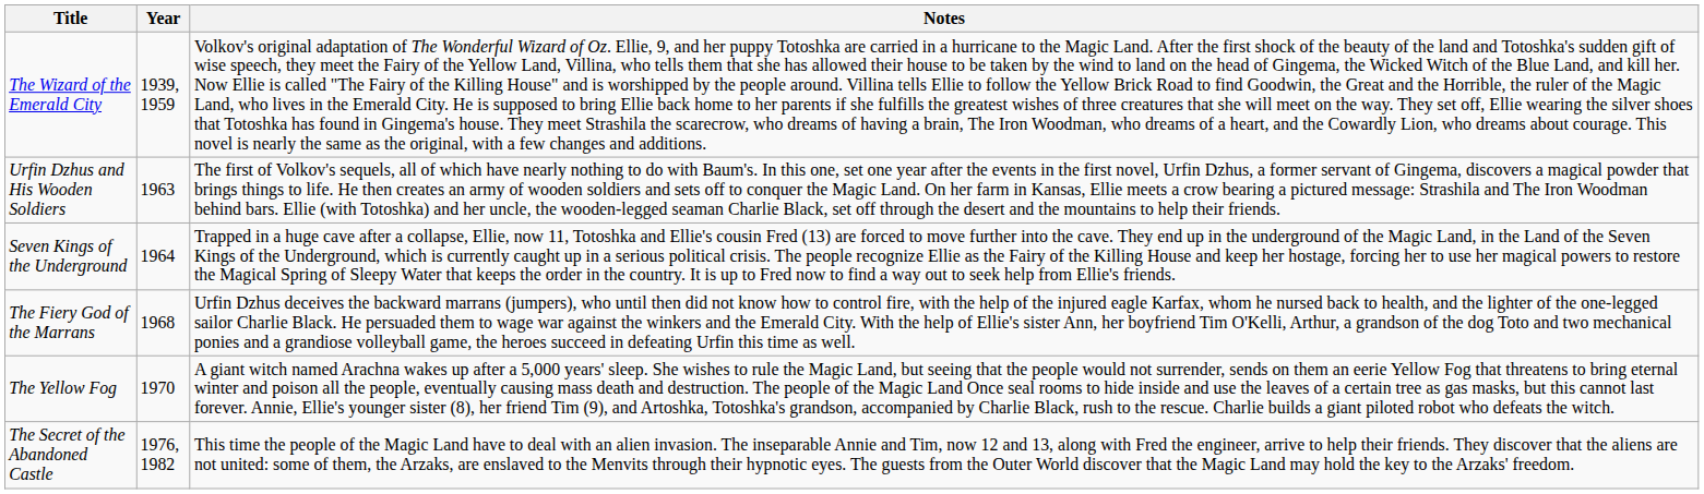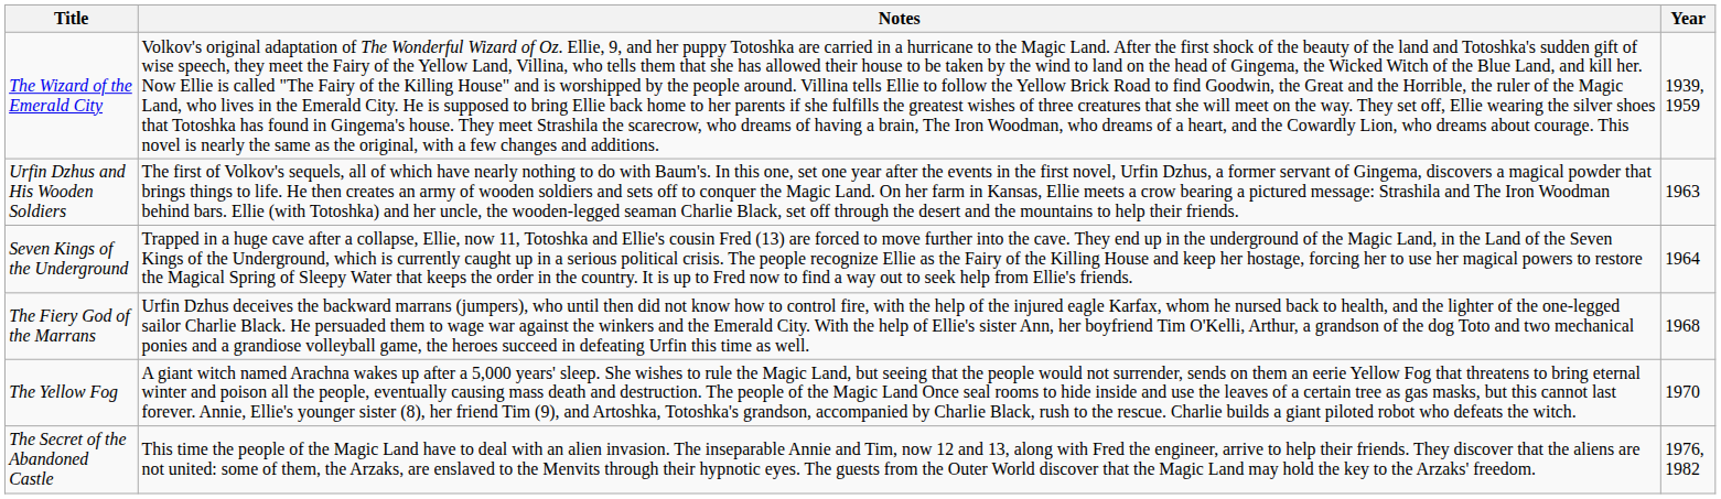 <table class="wikitable sortable">
 <tr>
 <th>Title</th>
+<th>Notes</th>
 <th>Year</th>
-<th>Notes</th>
 </tr>
 <tr>
 <td><em><a href='#'>The Wizard of the Emerald City</a></em></td>
+<td>Volkov's original adaptation of <em>The Wonderful Wizard of Oz</em>. Ellie, 9, and her puppy Totoshka are carried in a hurricane to the Magic Land. After the first shock of the beauty of the land and Totoshka's sudden gift of wise speech, they meet the Fairy of the Yellow Land, Villina, who tells them that she has allowed their house to be taken by the wind to land on the head of Gingema, the Wicked Witch of the Blue Land, and kill her. Now Ellie is called "The Fairy of the Killing House" and is worshipped by the people around. Villina tells Ellie to follow the Yellow Brick Road to find Goodwin, the Great and the Horrible, the ruler of the Magic Land, who lives in the Emerald City. He is supposed to bring Ellie back home to her parents if she fulfills the greatest wishes of three creatures that she will meet on the way. They set off, Ellie wearing the silver shoes that Totoshka has found in Gingema's house. They meet Strashila the scarecrow, who dreams of having a brain, The Iron Woodman, who dreams of a heart, and the Cowardly Lion, who dreams about courage. This novel is nearly the same as the original, with a few changes and additions.</td>
 <td>1939, 1959</td>
-<td>Volkov's original adaptation of <em>The Wonderful Wizard of Oz</em>. Ellie, 9, and her puppy Totoshka are carried in a hurricane to the Magic Land. After the first shock of the beauty of the land and Totoshka's sudden gift of wise speech, they meet the Fairy of the Yellow Land, Villina, who tells them that she has allowed their house to be taken by the wind to land on the head of Gingema, the Wicked Witch of the Blue Land, and kill her. Now Ellie is called "The Fairy of the Killing House" and is worshipped by the people around. Villina tells Ellie to follow the Yellow Brick Road to find Goodwin, the Great and the Horrible, the ruler of the Magic Land, who lives in the Emerald City. He is supposed to bring Ellie back home to her parents if she fulfills the greatest wishes of three creatures that she will meet on the way. They set off, Ellie wearing the silver shoes that Totoshka has found in Gingema's house. They meet Strashila the scarecrow, who dreams of having a brain, The Iron Woodman, who dreams of a heart, and the Cowardly Lion, who dreams about courage. This novel is nearly the same as the original, with a few changes and additions.</td>
 </tr>
 <tr>
 <td><em>Urfin Dzhus and His Wooden Soldiers</em></td>
+<td>The first of Volkov's sequels, all of which have nearly nothing to do with Baum's. In this one, set one year after the events in the first novel, Urfin Dzhus, a former servant of Gingema, discovers a magical powder that brings things to life. He then creates an army of wooden soldiers and sets off to conquer the Magic Land. On her farm in Kansas, Ellie meets a crow bearing a pictured message: Strashila and The Iron Woodman behind bars. Ellie (with Totoshka) and her uncle, the wooden-legged seaman Charlie Black, set off through the desert and the mountains to help their friends.</td>
 <td>1963</td>
-<td>The first of Volkov's sequels, all of which have nearly nothing to do with Baum's. In this one, set one year after the events in the first novel, Urfin Dzhus, a former servant of Gingema, discovers a magical powder that brings things to life. He then creates an army of wooden soldiers and sets off to conquer the Magic Land. On her farm in Kansas, Ellie meets a crow bearing a pictured message: Strashila and The Iron Woodman behind bars. Ellie (with Totoshka) and her uncle, the wooden-legged seaman Charlie Black, set off through the desert and the mountains to help their friends.</td>
 </tr>
 <tr>
 <td><em>Seven Kings of the Underground</em></td>
+<td>Trapped in a huge cave after a collapse, Ellie, now 11, Totoshka and Ellie's cousin Fred (13) are forced to move further into the cave. They end up in the underground of the Magic Land, in the Land of the Seven Kings of the Underground, which is currently caught up in a serious political crisis. The people recognize Ellie as the Fairy of the Killing House and keep her hostage, forcing her to use her magical powers to restore the Magical Spring of Sleepy Water that keeps the order in the country. It is up to Fred now to find a way out to seek help from Ellie's friends.</td>
 <td>1964</td>
-<td>Trapped in a huge cave after a collapse, Ellie, now 11, Totoshka and Ellie's cousin Fred (13) are forced to move further into the cave. They end up in the underground of the Magic Land, in the Land of the Seven Kings of the Underground, which is currently caught up in a serious political crisis. The people recognize Ellie as the Fairy of the Killing House and keep her hostage, forcing her to use her magical powers to restore the Magical Spring of Sleepy Water that keeps the order in the country. It is up to Fred now to find a way out to seek help from Ellie's friends.</td>
 </tr>
 <tr>
 <td><em>The Fiery God of the Marrans</em></td>
+<td>Urfin Dzhus deceives the backward marrans (jumpers), who until then did not know how to control fire, with the help of the injured eagle Karfax, whom he nursed back to health, and the lighter of the one-legged sailor Charlie Black. He persuaded them to wage war against the winkers and the Emerald City. With the help of Ellie's sister Ann, her boyfriend Tim O'Kelli, Arthur, a grandson of the dog Toto and two mechanical ponies and a grandiose volleyball game, the heroes succeed in defeating Urfin this time as well.</td>
 <td>1968</td>
-<td>Urfin Dzhus deceives the backward marrans (jumpers), who until then did not know how to control fire, with the help of the injured eagle Karfax, whom he nursed back to health, and the lighter of the one-legged sailor Charlie Black. He persuaded them to wage war against the winkers and the Emerald City. With the help of Ellie's sister Ann, her boyfriend Tim O'Kelli, Arthur, a grandson of the dog Toto and two mechanical ponies and a grandiose volleyball game, the heroes succeed in defeating Urfin this time as well.</td>
 </tr>
 <tr>
 <td><em>The Yellow Fog</em></td>
+<td>A giant witch named Arachna wakes up after a 5,000 years' sleep. She wishes to rule the Magic Land, but seeing that the people would not surrender, sends on them an eerie Yellow Fog that threatens to bring eternal winter and poison all the people, eventually causing mass death and destruction. The people of the Magic Land Once seal rooms to hide inside and use the leaves of a certain tree as gas masks, but this cannot last forever. Annie, Ellie's younger sister (8), her friend Tim (9), and Artoshka, Totoshka's grandson, accompanied by Charlie Black, rush to the rescue. Charlie builds a giant piloted robot who defeats the witch.</td>
 <td>1970</td>
-<td>A giant witch named Arachna wakes up after a 5,000 years' sleep. She wishes to rule the Magic Land, but seeing that the people would not surrender, sends on them an eerie Yellow Fog that threatens to bring eternal winter and poison all the people, eventually causing mass death and destruction. The people of the Magic Land Once seal rooms to hide inside and use the leaves of a certain tree as gas masks, but this cannot last forever. Annie, Ellie's younger sister (8), her friend Tim (9), and Artoshka, Totoshka's grandson, accompanied by Charlie Black, rush to the rescue. Charlie builds a giant piloted robot who defeats the witch.</td>
 </tr>
 <tr>
 <td><em>The Secret of the Abandoned Castle</em></td>
+<td>This time the people of the Magic Land have to deal with an alien invasion. The inseparable Annie and Tim, now 12 and 13, along with Fred the engineer, arrive to help their friends. They discover that the aliens are not united: some of them, the Arzaks, are enslaved to the Menvits through their hypnotic eyes. The guests from the Outer World discover that the Magic Land may hold the key to the Arzaks' freedom.</td>
 <td>1976, 1982</td>
-<td>This time the people of the Magic Land have to deal with an alien invasion. The inseparable Annie and Tim, now 12 and 13, along with Fred the engineer, arrive to help their friends. They discover that the aliens are not united: some of them, the Arzaks, are enslaved to the Menvits through their hypnotic eyes. The guests from the Outer World discover that the Magic Land may hold the key to the Arzaks' freedom.</td>
 </tr>
 </table>
